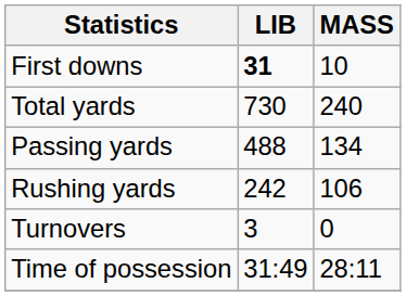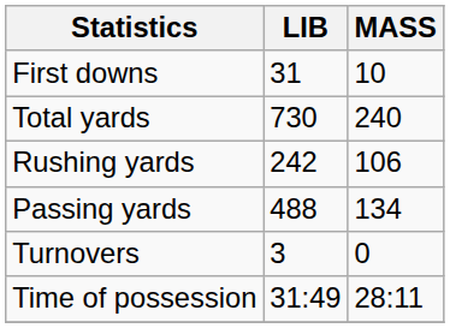 <table class="wikitable">
 <tr>
 <th>Statistics</th>
 <th>LIB</th>
 <th>MASS</th>
 </tr>
 <tr>
 <td>First downs</td>
-<td><strong>31</strong></td>
+<td>31</td>
 <td>10</td>
 </tr>
 <tr>
 <td>Total yards</td>
 <td>730</td>
 <td>240</td>
 </tr>
 <tr>
+<td>Rushing yards</td>
+<td>242</td>
+<td>106</td>
+</tr>
+<tr>
 <td>Passing yards</td>
 <td>488</td>
 <td>134</td>
-</tr>
-<tr>
-<td>Rushing yards</td>
-<td>242</td>
-<td>106</td>
 </tr>
 <tr>
 <td>Turnovers</td>
 <td>3</td>
 <td>0</td>
 </tr>
 <tr>
 <td>Time of possession</td>
 <td>31:49</td>
 <td>28:11</td>
 </tr>
 <tr>
 </tr>
 </table>
